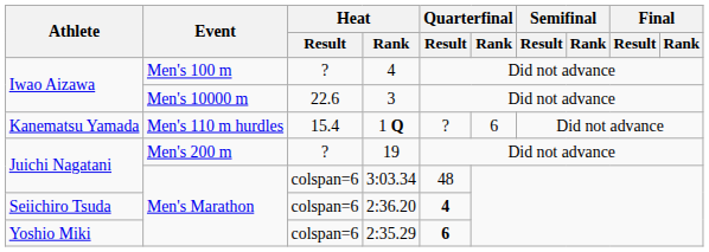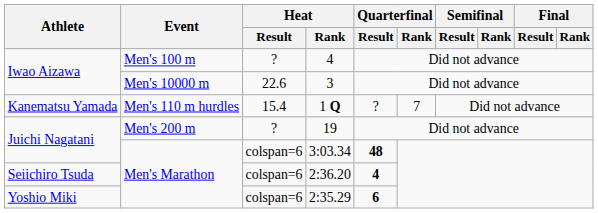 <table class="wikitable" style="font-size:90%">
 <tr>
 <th rowspan="2">Athlete</th>
 <th rowspan="2">Event</th>
 <th colspan="2">Heat</th>
 <th colspan="2">Quarterfinal</th>
 <th colspan="2">Semifinal</th>
 <th colspan="2">Final</th>
 </tr>
 <tr style="font-size:95%">
 <th>Result</th>
 <th>Rank</th>
 <th>Result</th>
 <th>Rank</th>
 <th>Result</th>
 <th>Rank</th>
 <th>Result</th>
 <th>Rank</th>
 </tr>
 <tr align=center>
 <td rowspan=2 align=left><a href='#'>Iwao Aizawa</a></td>
 <td align=left><a href='#'>Men's 100 m</a></td>
 <td>?</td>
 <td>4</td>
 <td colspan=6>Did not advance</td>
 </tr>
 <tr align=center>
 <td align=left><a href='#'>Men's 10000 m</a></td>
 <td>22.6</td>
 <td>3</td>
 <td colspan=6>Did not advance</td>
 </tr>
 <tr align=center>
 <td align=left><a href='#'>Kanematsu Yamada</a></td>
 <td align=left><a href='#'>Men's 110 m hurdles</a></td>
 <td>15.4</td>
 <td>1 <strong>Q</strong></td>
 <td>?</td>
-<td>6</td>
+<td>7</td>
 <td colspan=6>Did not advance</td>
 </tr>
 <tr align=center>
 <td rowspan=2 align=left><a href='#'>Juichi Nagatani</a></td>
 <td align=left><a href='#'>Men's 200 m</a></td>
 <td>?</td>
 <td>19</td>
 <td colspan=6>Did not advance</td>
 </tr>
 <tr align=center>
 <td align=left rowspan=3><a href='#'>Men's Marathon</a></td>
 <td>colspan=6 </td>
 <td>3:03.34</td>
-<td>48</td>
+<td><strong>48</strong></td>
 </tr>
 <tr align=center>
 <td align=left><a href='#'>Seiichiro Tsuda</a></td>
 <td>colspan=6 </td>
 <td>2:36.20</td>
 <td><strong>4</strong></td>
 </tr>
 <tr align=center>
 <td align=left><a href='#'>Yoshio Miki</a></td>
 <td>colspan=6 </td>
 <td>2:35.29</td>
 <td><strong>6</strong></td>
 </tr>
 </table>
